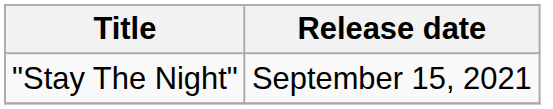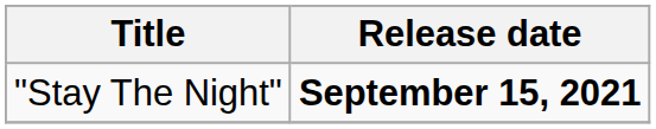 <table class="wikitable">
 <tr>
 <th>Title</th>
 <th>Release date</th>
 </tr>
 <tr>
 <td>"Stay The Night"</td>
-<td>September 15, 2021</td>
+<td><strong>September 15, 2021</strong></td>
 </tr>
 <tr>
 </tr>
 </table>
